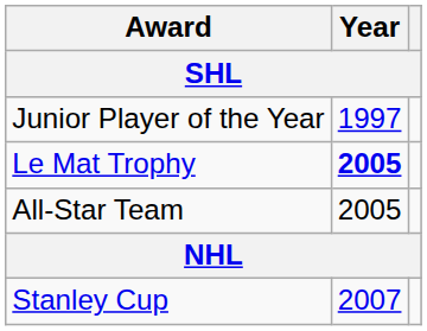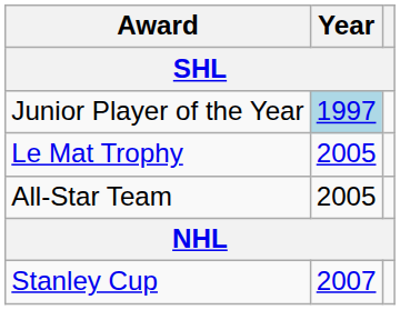 <table class="wikitable">
 <tr>
 <th>Award</th>
 <th>Year</th>
 <th></th>
 </tr>
 <tr>
 <th colspan="3"><a href='#'>SHL</a></th>
 </tr>
 <tr>
 <td>Junior Player of the Year</td>
-<td><a href='#'>1997</a></td>
+<td style="background: lightblue;"><a href='#'>1997</a></td>
 <td></td>
 </tr>
 <tr>
 <td><a href='#'>Le Mat Trophy</a></td>
-<td><strong><a href='#'>2005</a></strong></td>
+<td><a href='#'>2005</a></td>
 <td></td>
 </tr>
 <tr>
 <td>All-Star Team</td>
 <td>2005</td>
 <td></td>
 </tr>
 <tr>
 <th colspan="3"><a href='#'>NHL</a></th>
 </tr>
 <tr>
 <td><a href='#'>Stanley Cup</a></td>
 <td><a href='#'>2007</a></td>
 <td></td>
 </tr>
 </table>
